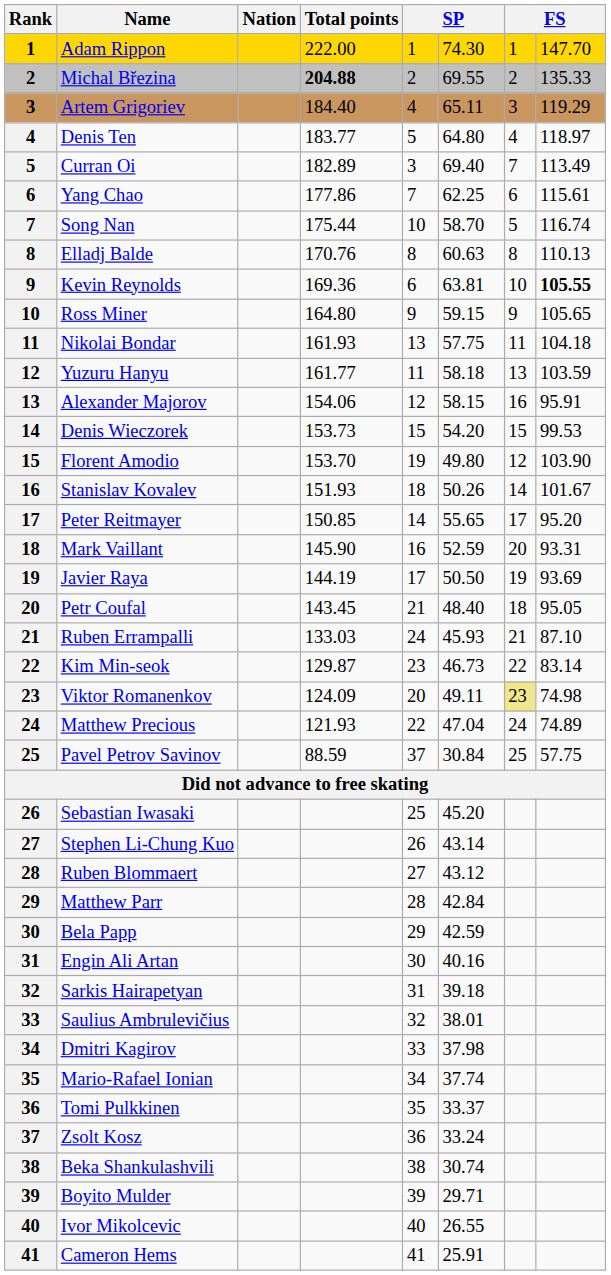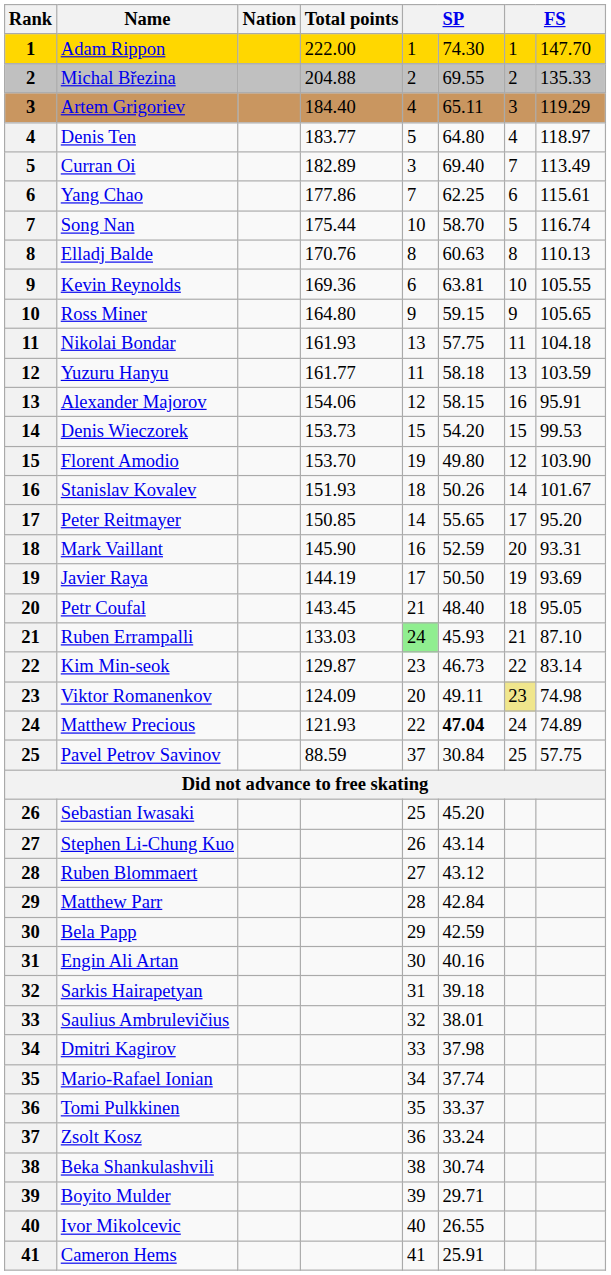 <table class="wikitable">
 <tr>
 <th>Rank</th>
 <th>Name</th>
 <th>Nation</th>
 <th>Total points</th>
 <th colspan="2" width="80px"><a href='#'>SP</a></th>
 <th colspan="2" width="80px"><a href='#'>FS</a></th>
 </tr>
 <tr bgcolor=gold>
 <td align=center><strong>1</strong></td>
 <td><a href='#'>Adam Rippon</a></td>
 <td></td>
 <td>222.00</td>
 <td>1</td>
 <td>74.30</td>
 <td>1</td>
 <td>147.70</td>
 </tr>
 <tr bgcolor=silver>
 <td align=center><strong>2</strong></td>
 <td><a href='#'>Michal Březina</a></td>
 <td></td>
-<td><strong>204.88</strong></td>
+<td>204.88</td>
 <td>2</td>
 <td>69.55</td>
 <td>2</td>
 <td>135.33</td>
 </tr>
 <tr bgcolor=c9966>
 <td align=center><strong>3</strong></td>
 <td><a href='#'>Artem Grigoriev</a></td>
 <td></td>
 <td>184.40</td>
 <td>4</td>
 <td>65.11</td>
 <td>3</td>
 <td>119.29</td>
 </tr>
 <tr>
 <th>4</th>
 <td><a href='#'>Denis Ten</a></td>
 <td></td>
 <td>183.77</td>
 <td>5</td>
 <td>64.80</td>
 <td>4</td>
 <td>118.97</td>
 </tr>
 <tr>
 <th>5</th>
 <td><a href='#'>Curran Oi</a></td>
 <td></td>
 <td>182.89</td>
 <td>3</td>
 <td>69.40</td>
 <td>7</td>
 <td>113.49</td>
 </tr>
 <tr>
 <th>6</th>
 <td><a href='#'>Yang Chao</a></td>
 <td></td>
 <td>177.86</td>
 <td>7</td>
 <td>62.25</td>
 <td>6</td>
 <td>115.61</td>
 </tr>
 <tr>
 <th>7</th>
 <td><a href='#'>Song Nan</a></td>
 <td></td>
 <td>175.44</td>
 <td>10</td>
 <td>58.70</td>
 <td>5</td>
 <td>116.74</td>
 </tr>
 <tr>
 <th>8</th>
 <td><a href='#'>Elladj Balde</a></td>
 <td></td>
 <td>170.76</td>
 <td>8</td>
 <td>60.63</td>
 <td>8</td>
 <td>110.13</td>
 </tr>
 <tr>
 <th>9</th>
 <td><a href='#'>Kevin Reynolds</a></td>
 <td></td>
 <td>169.36</td>
 <td>6</td>
 <td>63.81</td>
 <td>10</td>
-<td><strong>105.55</strong></td>
+<td>105.55</td>
 </tr>
 <tr>
 <th>10</th>
 <td><a href='#'>Ross Miner</a></td>
 <td></td>
 <td>164.80</td>
 <td>9</td>
 <td>59.15</td>
 <td>9</td>
 <td>105.65</td>
 </tr>
 <tr>
 <th>11</th>
 <td><a href='#'>Nikolai Bondar</a></td>
 <td></td>
 <td>161.93</td>
 <td>13</td>
 <td>57.75</td>
 <td>11</td>
 <td>104.18</td>
 </tr>
 <tr>
 <th>12</th>
 <td><a href='#'>Yuzuru Hanyu</a></td>
 <td></td>
 <td>161.77</td>
 <td>11</td>
 <td>58.18</td>
 <td>13</td>
 <td>103.59</td>
 </tr>
 <tr>
 <th>13</th>
 <td><a href='#'>Alexander Majorov</a></td>
 <td></td>
 <td>154.06</td>
 <td>12</td>
 <td>58.15</td>
 <td>16</td>
 <td>95.91</td>
 </tr>
 <tr>
 <th>14</th>
 <td><a href='#'>Denis Wieczorek</a></td>
 <td></td>
 <td>153.73</td>
 <td>15</td>
 <td>54.20</td>
 <td>15</td>
 <td>99.53</td>
 </tr>
 <tr>
 <th>15</th>
 <td><a href='#'>Florent Amodio</a></td>
 <td></td>
 <td>153.70</td>
 <td>19</td>
 <td>49.80</td>
 <td>12</td>
 <td>103.90</td>
 </tr>
 <tr>
 <th>16</th>
 <td><a href='#'>Stanislav Kovalev</a></td>
 <td></td>
 <td>151.93</td>
 <td>18</td>
 <td>50.26</td>
 <td>14</td>
 <td>101.67</td>
 </tr>
 <tr>
 <th>17</th>
 <td><a href='#'>Peter Reitmayer</a></td>
 <td></td>
 <td>150.85</td>
 <td>14</td>
 <td>55.65</td>
 <td>17</td>
 <td>95.20</td>
 </tr>
 <tr>
 <th>18</th>
 <td><a href='#'>Mark Vaillant</a></td>
 <td></td>
 <td>145.90</td>
 <td>16</td>
 <td>52.59</td>
 <td>20</td>
 <td>93.31</td>
 </tr>
 <tr>
 <th>19</th>
 <td><a href='#'>Javier Raya</a></td>
 <td></td>
 <td>144.19</td>
 <td>17</td>
 <td>50.50</td>
 <td>19</td>
 <td>93.69</td>
 </tr>
 <tr>
 <th>20</th>
 <td><a href='#'>Petr Coufal</a></td>
 <td></td>
 <td>143.45</td>
 <td>21</td>
 <td>48.40</td>
 <td>18</td>
 <td>95.05</td>
 </tr>
 <tr>
 <th>21</th>
 <td><a href='#'>Ruben Errampalli</a></td>
 <td></td>
 <td>133.03</td>
-<td>24</td>
+<td style="background: lightgreen;">24</td>
 <td>45.93</td>
 <td>21</td>
 <td>87.10</td>
 </tr>
 <tr>
 <th>22</th>
 <td><a href='#'>Kim Min-seok</a></td>
 <td></td>
 <td>129.87</td>
 <td>23</td>
 <td>46.73</td>
 <td>22</td>
 <td>83.14</td>
 </tr>
 <tr>
 <th>23</th>
 <td><a href='#'>Viktor Romanenkov</a></td>
 <td></td>
 <td>124.09</td>
 <td>20</td>
 <td>49.11</td>
 <td style="background: khaki;">23</td>
 <td>74.98</td>
 </tr>
 <tr>
 <th>24</th>
 <td><a href='#'>Matthew Precious</a></td>
 <td></td>
 <td>121.93</td>
 <td>22</td>
-<td>47.04</td>
+<td><strong>47.04</strong></td>
 <td>24</td>
 <td>74.89</td>
 </tr>
 <tr>
 <th>25</th>
 <td><a href='#'>Pavel Petrov Savinov</a></td>
 <td></td>
 <td>88.59</td>
 <td>37</td>
 <td>30.84</td>
 <td>25</td>
 <td>57.75</td>
 </tr>
 <tr>
 <th colspan=8>Did not advance to free skating</th>
 </tr>
 <tr>
 <th>26</th>
 <td><a href='#'>Sebastian Iwasaki</a></td>
 <td></td>
 <td></td>
 <td>25</td>
 <td>45.20</td>
 <td></td>
 <td></td>
 </tr>
 <tr>
 <th>27</th>
 <td><a href='#'>Stephen Li-Chung Kuo</a></td>
 <td></td>
 <td></td>
 <td>26</td>
 <td>43.14</td>
 <td></td>
 <td></td>
 </tr>
 <tr>
 <th>28</th>
 <td><a href='#'>Ruben Blommaert</a></td>
 <td></td>
 <td></td>
 <td>27</td>
 <td>43.12</td>
 <td></td>
 <td></td>
 </tr>
 <tr>
 <th>29</th>
 <td><a href='#'>Matthew Parr</a></td>
 <td></td>
 <td></td>
 <td>28</td>
 <td>42.84</td>
 <td></td>
 <td></td>
 </tr>
 <tr>
 <th>30</th>
 <td><a href='#'>Bela Papp</a></td>
 <td></td>
 <td></td>
 <td>29</td>
 <td>42.59</td>
 <td></td>
 <td></td>
 </tr>
 <tr>
 <th>31</th>
 <td><a href='#'>Engin Ali Artan</a></td>
 <td></td>
 <td></td>
 <td>30</td>
 <td>40.16</td>
 <td></td>
 <td></td>
 </tr>
 <tr>
 <th>32</th>
 <td><a href='#'>Sarkis Hairapetyan</a></td>
 <td></td>
 <td></td>
 <td>31</td>
 <td>39.18</td>
 <td></td>
 <td></td>
 </tr>
 <tr>
 <th>33</th>
 <td><a href='#'>Saulius Ambrulevičius</a></td>
 <td></td>
 <td></td>
 <td>32</td>
 <td>38.01</td>
 <td></td>
 <td></td>
 </tr>
 <tr>
 <th>34</th>
 <td><a href='#'>Dmitri Kagirov</a></td>
 <td></td>
 <td></td>
 <td>33</td>
 <td>37.98</td>
 <td></td>
 <td></td>
 </tr>
 <tr>
 <th>35</th>
 <td><a href='#'>Mario-Rafael Ionian</a></td>
 <td></td>
 <td></td>
 <td>34</td>
 <td>37.74</td>
 <td></td>
 <td></td>
 </tr>
 <tr>
 <th>36</th>
 <td><a href='#'>Tomi Pulkkinen</a></td>
 <td></td>
 <td></td>
 <td>35</td>
 <td>33.37</td>
 <td></td>
 <td></td>
 </tr>
 <tr>
 <th>37</th>
 <td><a href='#'>Zsolt Kosz</a></td>
 <td></td>
 <td></td>
 <td>36</td>
 <td>33.24</td>
 <td></td>
 <td></td>
 </tr>
 <tr>
 <th>38</th>
 <td><a href='#'>Beka Shankulashvili</a></td>
 <td></td>
 <td></td>
 <td>38</td>
 <td>30.74</td>
 <td></td>
 <td></td>
 </tr>
 <tr>
 <th>39</th>
 <td><a href='#'>Boyito Mulder</a></td>
 <td></td>
 <td></td>
 <td>39</td>
 <td>29.71</td>
 <td></td>
 <td></td>
 </tr>
 <tr>
 <th>40</th>
 <td><a href='#'>Ivor Mikolcevic</a></td>
 <td></td>
 <td></td>
 <td>40</td>
 <td>26.55</td>
 <td></td>
 <td></td>
 </tr>
 <tr>
 <th>41</th>
 <td><a href='#'>Cameron Hems</a></td>
 <td></td>
 <td></td>
 <td>41</td>
 <td>25.91</td>
 <td></td>
 <td></td>
 </tr>
 </table>
